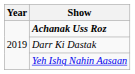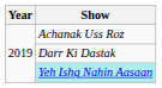 <table class="wikitable">
 <tr>
 <th>Year</th>
 <th>Show</th>
 </tr>
 <tr>
 <td rowspan="3">2019</td>
-<td><strong><em>Achanak Uss Roz</em></strong></td>
+<td><em>Achanak Uss Roz</em></td>
 </tr>
 <tr>
 <td><em>Darr Ki Dastak</em></td>
 </tr>
 <tr>
-<td><em><a href='#'>Yeh Ishq Nahin Aasaan</a></em></td>
+<td style="background: paleturquoise;"><em><a href='#'>Yeh Ishq Nahin Aasaan</a></em></td>
 </tr>
 </table>
